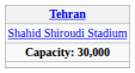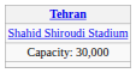 <table class="wikitable" style="text-align:center">
 <tr>
 <th><a href='#'>Tehran</a></th>
 </tr>
 <tr>
 <td><a href='#'>Shahid Shiroudi Stadium</a></td>
 </tr>
 <tr>
-<td><strong>Capacity: 30,000</strong></td>
+<td>Capacity: 30,000</td>
 </tr>
 <tr>
 <td></td>
 </tr>
 <tr>
 </tr>
 </table>
